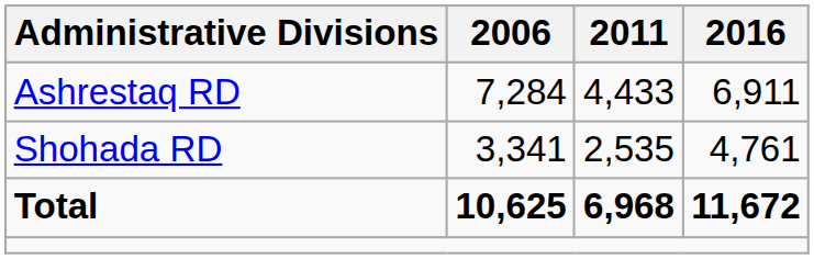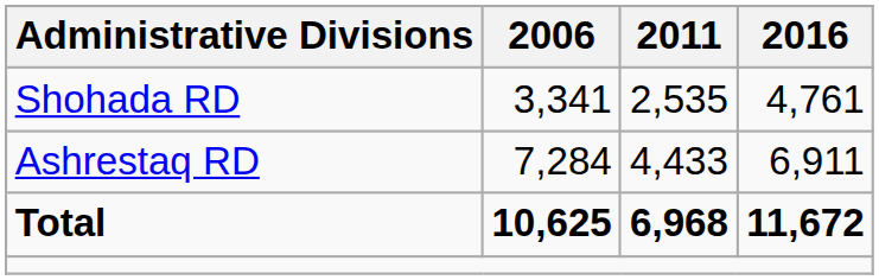 <table class="wikitable">
 <tr>
 <th>Administrative Divisions</th>
 <th>2006</th>
 <th>2011</th>
 <th>2016</th>
 </tr>
 <tr>
+<td><a href='#'>Shohada RD</a></td>
+<td style="text-align: right;">3,341</td>
+<td style="text-align: right;">2,535</td>
+<td style="text-align: right;">4,761</td>
+</tr>
+<tr>
 <td><a href='#'>Ashrestaq RD</a></td>
 <td style="text-align: right;">7,284</td>
 <td style="text-align: right;">4,433</td>
 <td style="text-align: right;">6,911</td>
-</tr>
-<tr>
-<td><a href='#'>Shohada RD</a></td>
-<td style="text-align: right;">3,341</td>
-<td style="text-align: right;">2,535</td>
-<td style="text-align: right;">4,761</td>
 </tr>
 <tr>
 <td><strong>Total</strong></td>
 <td style="text-align: right;"><strong>10,625</strong></td>
 <td style="text-align: right;"><strong>6,968</strong></td>
 <td style="text-align: right;"><strong>11,672</strong></td>
 </tr>
 <tr>
 <td colspan=4></td>
 </tr>
 </table>
